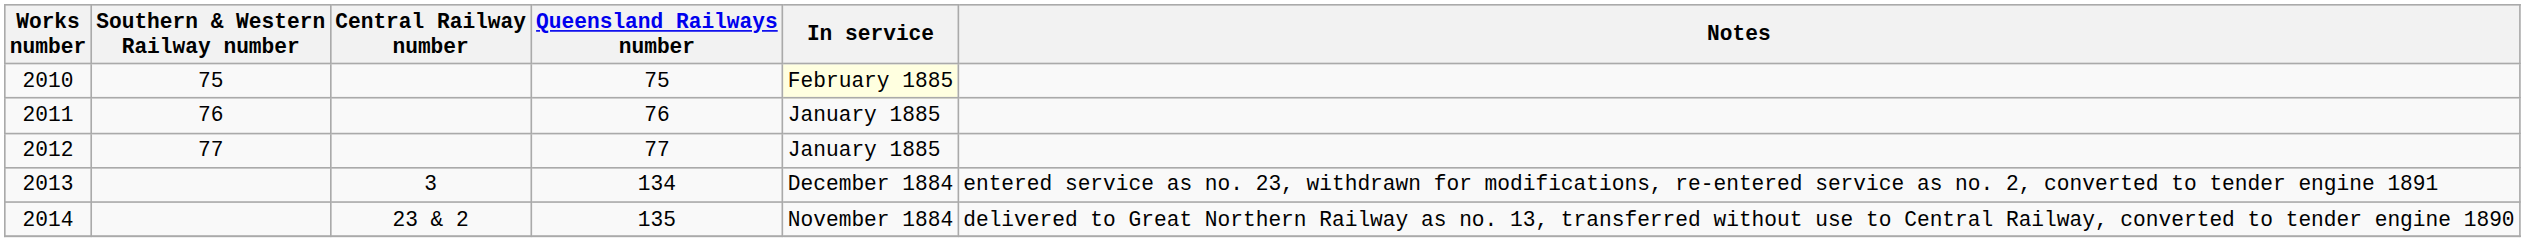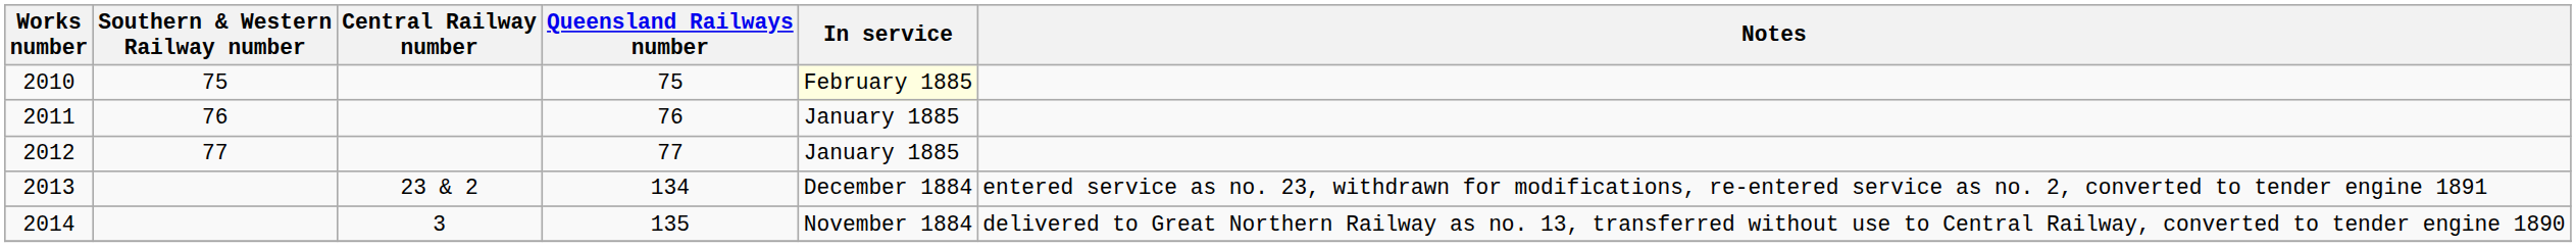 <table class="wikitable sortable">
 <tr>
 <th>Works<br>number</th>
 <th>Southern & Western<br>Railway number</th>
 <th>Central Railway<br>number</th>
 <th><a href='#'>Queensland Railways</a><br>number</th>
 <th>In service</th>
 <th>Notes</th>
 </tr>
 <tr>
 <td align=center>2010</td>
 <td align=center>75</td>
 <td align=center></td>
 <td align=center>75</td>
 <td style="background: lightyellow;">February 1885</td>
 <td></td>
 </tr>
 <tr>
 <td align=center>2011</td>
 <td align=center>76</td>
 <td align=center></td>
 <td align=center>76</td>
 <td>January 1885</td>
 <td></td>
 </tr>
 <tr>
 <td align=center>2012</td>
 <td align=center>77</td>
 <td align=center></td>
 <td align=center>77</td>
 <td>January 1885</td>
 <td></td>
 </tr>
 <tr>
 <td align=center>2013</td>
 <td align=center></td>
-<td align=center>3</td>
+<td align=center>23 & 2</td>
 <td align=center>134</td>
 <td>December 1884</td>
 <td>entered service as no. 23, withdrawn for modifications, re-entered service as no. 2, converted to tender engine 1891</td>
 </tr>
 <tr>
 <td align=center>2014</td>
 <td align=center></td>
-<td align=center>23 & 2</td>
+<td align=center>3</td>
 <td align=center>135</td>
 <td>November 1884</td>
 <td>delivered to Great Northern Railway as no. 13, transferred without use to Central Railway, converted to tender engine 1890</td>
 </tr>
 <tr>
 </tr>
 </table>
